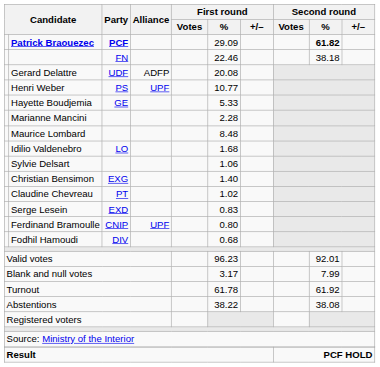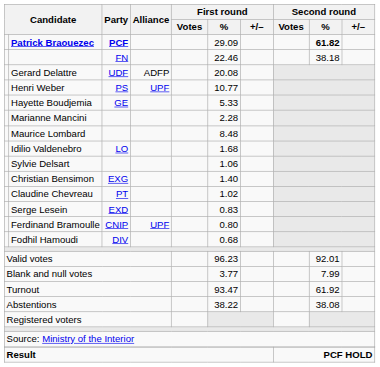 <table class="wikitable" style="text-align:right;font-size:95%;">
 <tr>
 <th rowspan="2" colspan="2">Candidate</th>
 <th rowspan="2">Party</th>
 <th rowspan="2">Alliance</th>
 <th colspan="3">First round</th>
 <th colspan="3">Second round</th>
 </tr>
 <tr>
 <th style="width:50px;">Votes</th>
 <th style="width:45px;">%</th>
 <th style="width:45px;">+/–</th>
 <th style="width:50px;">Votes</th>
 <th style="width:45px;">%</th>
 <th style="width:45px;">+/–</th>
 </tr>
 <tr>
 <td style="color:inherit;background:"></td>
 <td style="text-align:left;"><strong><a href='#'>Patrick Braouezec</a></strong></td>
 <td><a href='#'><strong>PCF</strong></a> </td>
 <td></td>
 <td></td>
 <td>29.09</td>
 <td></td>
 <td><strong></strong></td>
 <td><strong>61.82</strong></td>
 <td></td>
 </tr>
 <tr>
 <td style="color:inherit;background:"></td>
 <td style="text-align:left;"></td>
 <td><a href='#'>FN</a> </td>
 <td></td>
 <td></td>
 <td>22.46</td>
 <td></td>
 <td></td>
 <td>38.18</td>
 <td></td>
 </tr>
 <tr>
 <td style="color:inherit;background:"></td>
 <td style="text-align:left;">Gerard Delattre</td>
 <td><a href='#'>UDF</a></td>
 <td>ADFP</td>
 <td></td>
 <td>20.08</td>
 <td></td>
 <td colspan="3" style="background:#E9E9E9;"></td>
 </tr>
 <tr>
 <td style="color:inherit;background:"></td>
 <td style="text-align:left;">Henri Weber</td>
 <td><a href='#'>PS</a></td>
 <td><a href='#'>UPF</a></td>
 <td></td>
 <td>10.77</td>
 <td></td>
 <td colspan="3" style="background:#E9E9E9;"></td>
 </tr>
 <tr>
 <td style="color:inherit;background:"></td>
 <td style="text-align:left;">Hayette Boudjemia</td>
 <td><a href='#'>GE</a></td>
 <td></td>
 <td></td>
 <td>5.33</td>
 <td></td>
 <td colspan="3" style="background:#E9E9E9;"></td>
 </tr>
 <tr>
 <td style="color:inherit;background:"></td>
 <td style="text-align:left;">Marianne Mancini</td>
 <td></td>
 <td></td>
 <td></td>
 <td>2.28</td>
 <td></td>
 <td colspan="3" style="background:#E9E9E9;"></td>
 </tr>
 <tr>
 <td style="color:inherit;background:"></td>
 <td style="text-align:left;">Maurice Lombard</td>
 <td></td>
 <td></td>
 <td></td>
 <td>8.48</td>
 <td></td>
 <td colspan="3" style="background:#E9E9E9;"></td>
 </tr>
 <tr>
 <td style="color:inherit;background:"></td>
 <td style="text-align:left;">Idilio Valdenebro</td>
 <td><a href='#'>LO</a></td>
 <td></td>
 <td></td>
 <td>1.68</td>
 <td></td>
 <td colspan="3" style="background:#E9E9E9;"></td>
 </tr>
 <tr>
 <td style="color:inherit;background:"></td>
 <td style="text-align:left;">Sylvie Delsart</td>
 <td></td>
 <td></td>
 <td></td>
 <td>1.06</td>
 <td></td>
 <td colspan="3" style="background:#E9E9E9;"></td>
 </tr>
 <tr>
 <td style="color:inherit;background:"></td>
 <td style="text-align:left;">Christian Bensimon</td>
 <td><a href='#'>EXG</a></td>
 <td></td>
 <td></td>
 <td>1.40</td>
 <td></td>
 <td colspan="3" style="background:#E9E9E9;"></td>
 </tr>
 <tr>
 <td style="color:inherit;background:"></td>
 <td style="text-align:left;">Claudine Chevreau</td>
 <td><a href='#'>PT</a></td>
 <td></td>
 <td></td>
 <td>1.02</td>
 <td></td>
 <td colspan="3" style="background:#E9E9E9;"></td>
 </tr>
 <tr>
 <td style="color:inherit;background:"></td>
 <td style="text-align:left;">Serge Lesein</td>
 <td><a href='#'>EXD</a></td>
 <td></td>
 <td></td>
 <td>0.83</td>
 <td></td>
 <td colspan="3" style="background:#E9E9E9;"></td>
 </tr>
 <tr>
 <td style="color:inherit;background:"></td>
 <td style="text-align:left;">Ferdinand Bramoulle</td>
 <td><a href='#'>CNIP</a></td>
 <td><a href='#'>UPF</a></td>
 <td></td>
 <td>0.80</td>
 <td></td>
 <td colspan="3" style="background:#E9E9E9;"></td>
 </tr>
 <tr>
 <td style="color:inherit;background:"></td>
 <td style="text-align:left;">Fodhil Hamoudi</td>
 <td><a href='#'>DIV</a></td>
 <td></td>
 <td></td>
 <td>0.68</td>
 <td></td>
 <td colspan="3" style="background:#E9E9E9;"></td>
 </tr>
 <tr>
 <td colspan="10" style="background:#E9E9E9;"></td>
 </tr>
 <tr>
 <td colspan="4" style="text-align:left;">Valid votes</td>
 <td></td>
 <td>96.23</td>
 <td></td>
 <td></td>
 <td>92.01</td>
 <td></td>
 </tr>
 <tr>
 <td colspan="4" style="text-align:left;">Blank and null votes</td>
 <td></td>
-<td>3.17</td>
+<td>3.77</td>
 <td></td>
 <td></td>
 <td>7.99</td>
 <td></td>
 </tr>
 <tr>
 <td colspan="4" style="text-align:left;">Turnout</td>
 <td></td>
-<td>61.78</td>
+<td>93.47</td>
 <td></td>
 <td></td>
 <td>61.92</td>
 <td></td>
 </tr>
 <tr>
 <td colspan="4" style="text-align:left;">Abstentions</td>
 <td></td>
 <td>38.22</td>
 <td></td>
 <td></td>
 <td>38.08</td>
 <td></td>
 </tr>
 <tr>
 <td colspan="4" style="text-align:left;">Registered voters</td>
 <td></td>
 <td colspan="2" style="background:#E9E9E9;"></td>
 <td></td>
 <td colspan="2" style="background:#E9E9E9;"></td>
 </tr>
 <tr>
 <td colspan="10" style="background:#E9E9E9;"></td>
 </tr>
 <tr>
 <td colspan="10" style="text-align:left;">Source: <a href='#'>Ministry of the Interior</a></td>
 </tr>
 <tr>
 </tr>
 <tr style="font-weight:bold">
 <td colspan="7" style="text-align:left;">Result</td>
 <td colspan="7" style="background-color:">PCF HOLD</td>
 </tr>
 </table>
